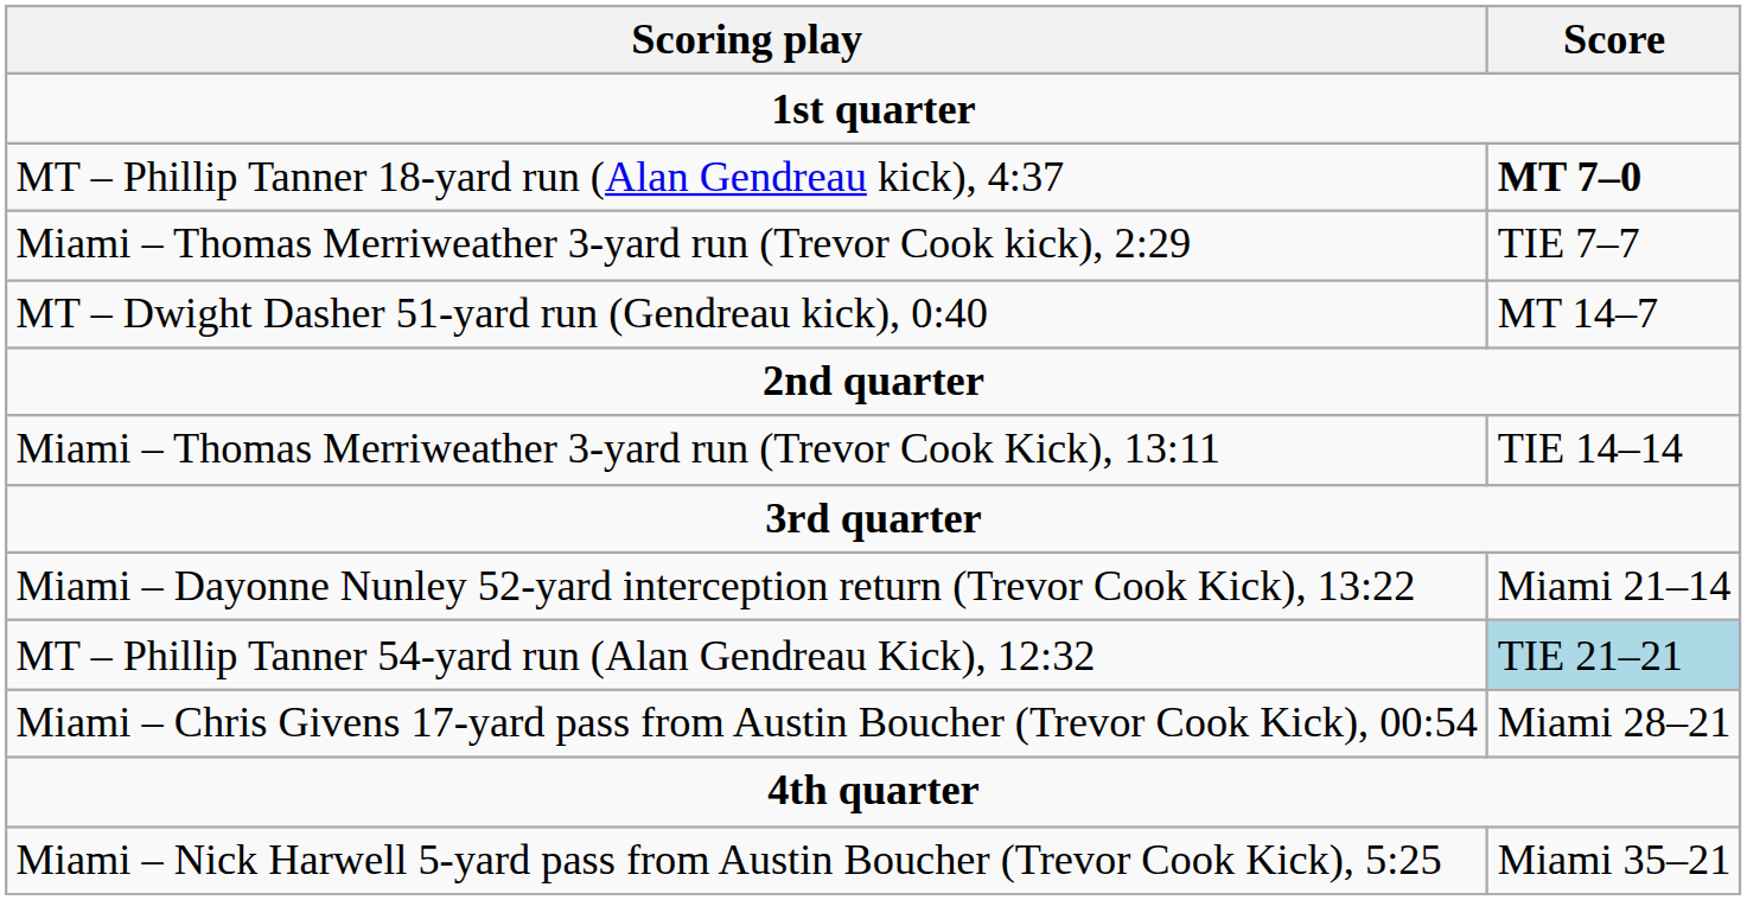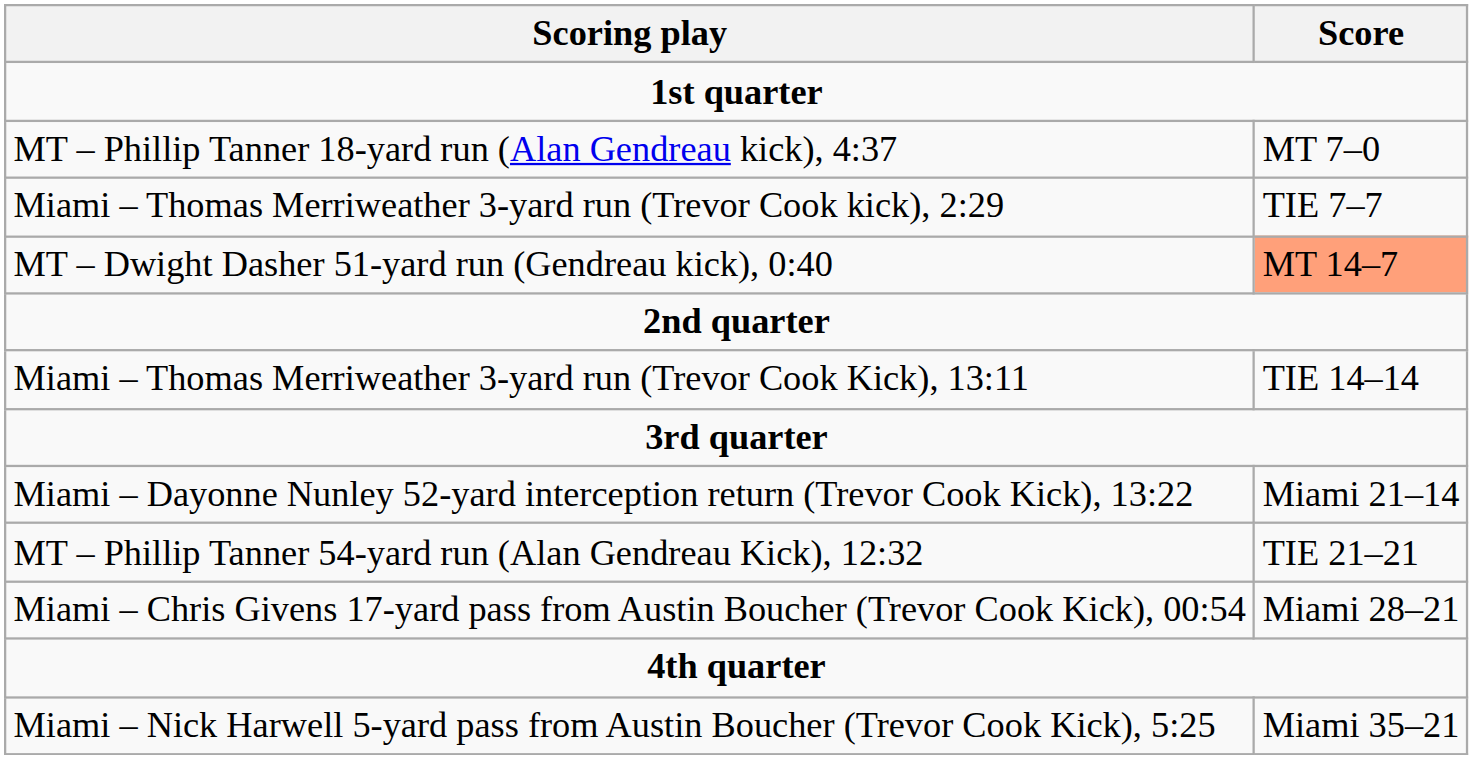 <table class="wikitable">
 <tr>
 <th>Scoring play</th>
 <th>Score</th>
 </tr>
 <tr>
 <td colspan="4" align="center"><strong>1st quarter</strong></td>
 </tr>
 <tr>
 <td>MT – 	Phillip Tanner 18-yard run (<a href='#'>Alan Gendreau</a> kick), 4:37</td>
-<td><strong>MT 7–0</strong></td>
+<td>MT 7–0</td>
 </tr>
 <tr>
 <td>Miami – Thomas Merriweather 3-yard run (Trevor Cook kick), 2:29</td>
 <td>TIE 7–7</td>
 </tr>
 <tr>
 <td>MT – Dwight Dasher 51-yard run (Gendreau kick), 0:40</td>
-<td>MT 14–7</td>
+<td style="background: lightsalmon;">MT 14–7</td>
 </tr>
 <tr>
 <td colspan="4" align="center"><strong>2nd quarter</strong></td>
 </tr>
 <tr>
 <td>Miami – Thomas Merriweather 3-yard run (Trevor Cook Kick), 13:11</td>
 <td>TIE 14–14</td>
 </tr>
 <tr>
 <td colspan="4" align="center"><strong>3rd quarter</strong></td>
 </tr>
 <tr>
 <td>Miami – Dayonne Nunley 52-yard interception return (Trevor Cook Kick), 13:22</td>
 <td>Miami 21–14</td>
 </tr>
 <tr>
 <td>MT – Phillip Tanner 54-yard run (Alan Gendreau Kick), 12:32</td>
-<td style="background: lightblue;">TIE 21–21</td>
+<td>TIE 21–21</td>
 </tr>
 <tr>
 <td>Miami – Chris Givens 17-yard pass from Austin Boucher (Trevor Cook Kick), 00:54</td>
 <td>Miami 28–21</td>
 </tr>
 <tr>
 <td colspan="4" align="center"><strong>4th quarter</strong></td>
 </tr>
 <tr>
 <td>Miami – Nick Harwell 5-yard pass from Austin Boucher (Trevor Cook Kick), 5:25</td>
 <td>Miami 35–21</td>
 </tr>
 </table>
